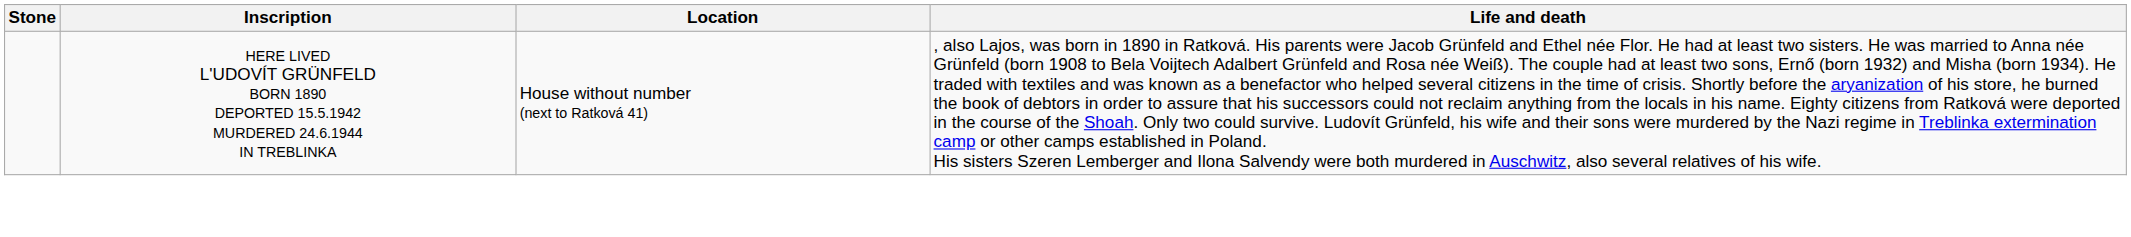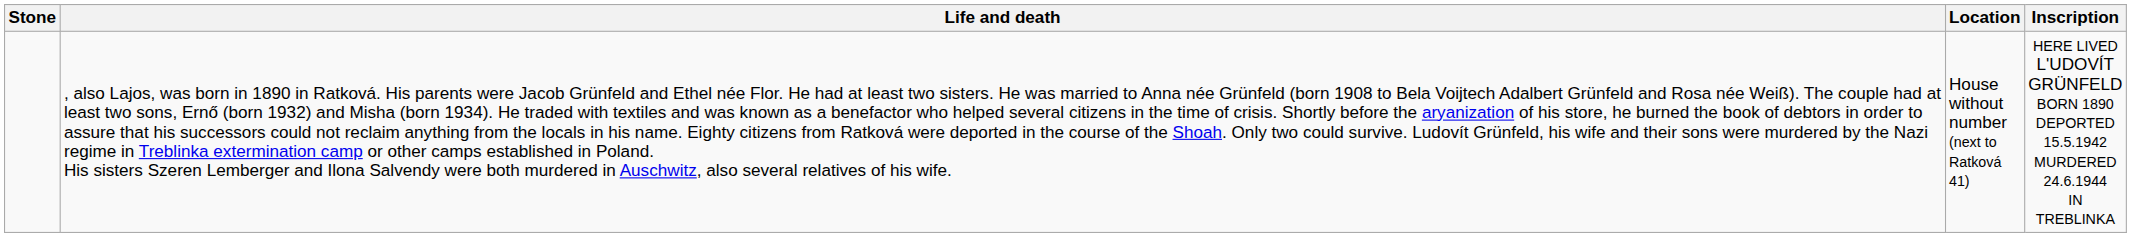 <table class="wikitable sortable toptextcells" style="width:100%">
 <tr>
 <th class="hintergrundfarbe6 unsortable" width="120px">Stone</th>
+<th class="hintergrundfarbe6" style="width:100%;">Life and death</th>
+<th class="hintergrundfarbe6" data-sort-type="text" style ="width:20%;">Location</th>
 <th class="hintergrundfarbe6 unsortable" style ="width:22%;">Inscription</th>
-<th class="hintergrundfarbe6" data-sort-type="text" style ="width:20%;">Location</th>
-<th class="hintergrundfarbe6" style="width:100%;">Life and death</th>
 </tr>
 <tr>
 <td></td>
+<td><strong></strong>, also Lajos, was born in 1890 in Ratková. His parents were Jacob Grünfeld and Ethel née Flor. He had at least two sisters. He was married to Anna née Grünfeld (born 1908 to Bela Voijtech Adalbert Grünfeld and Rosa née Weiß). The couple had at least two sons, Ernő (born 1932) and Misha (born 1934). He traded with textiles and was known as a benefactor who helped several citizens in the time of crisis. Shortly before the <a href='#'>aryanization</a> of his store, he burned the book of debtors in order to assure that his successors could not reclaim anything from the locals in his name. Eighty citizens from Ratková were deported in the course of the <a href='#'>Shoah</a>. Only two could survive. Ludovít Grünfeld, his wife and their sons were murdered by the Nazi regime in <a href='#'>Treblinka extermination camp</a> or other camps established in Poland.<br>His sisters Szeren Lemberger and Ilona Salvendy were both murdered in <a href='#'>Auschwitz</a>, also several relatives of his wife.</td>
+<td>House without number<br><small>(next to Ratková 41)</small></td>
 <td style="text-align:center"><div><small>HERE LIVED</small><br>L'UDOVÍT GRÜNFELD<br><small>BORN 1890<br>DEPORTED 15.5.1942<br>MURDERED 24.6.1944<br>IN TREBLINKA</small></div></td>
-<td>House without number<br><small>(next to Ratková 41)</small></td>
-<td><strong></strong>, also Lajos, was born in 1890 in Ratková. His parents were Jacob Grünfeld and Ethel née Flor. He had at least two sisters. He was married to Anna née Grünfeld (born 1908 to Bela Voijtech Adalbert Grünfeld and Rosa née Weiß). The couple had at least two sons, Ernő (born 1932) and Misha (born 1934). He traded with textiles and was known as a benefactor who helped several citizens in the time of crisis. Shortly before the <a href='#'>aryanization</a> of his store, he burned the book of debtors in order to assure that his successors could not reclaim anything from the locals in his name. Eighty citizens from Ratková were deported in the course of the <a href='#'>Shoah</a>. Only two could survive. Ludovít Grünfeld, his wife and their sons were murdered by the Nazi regime in <a href='#'>Treblinka extermination camp</a> or other camps established in Poland.<br>His sisters Szeren Lemberger and Ilona Salvendy were both murdered in <a href='#'>Auschwitz</a>, also several relatives of his wife.</td>
 </tr>
 </table>
